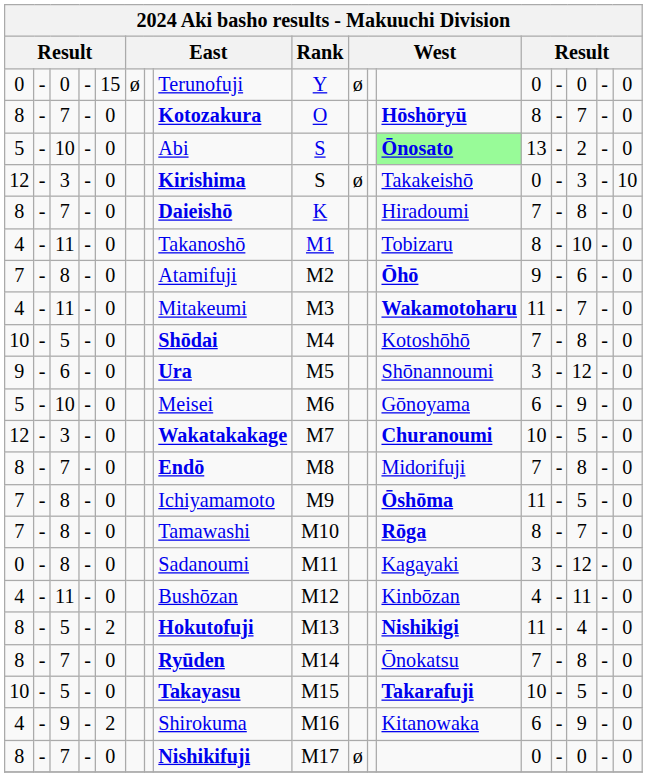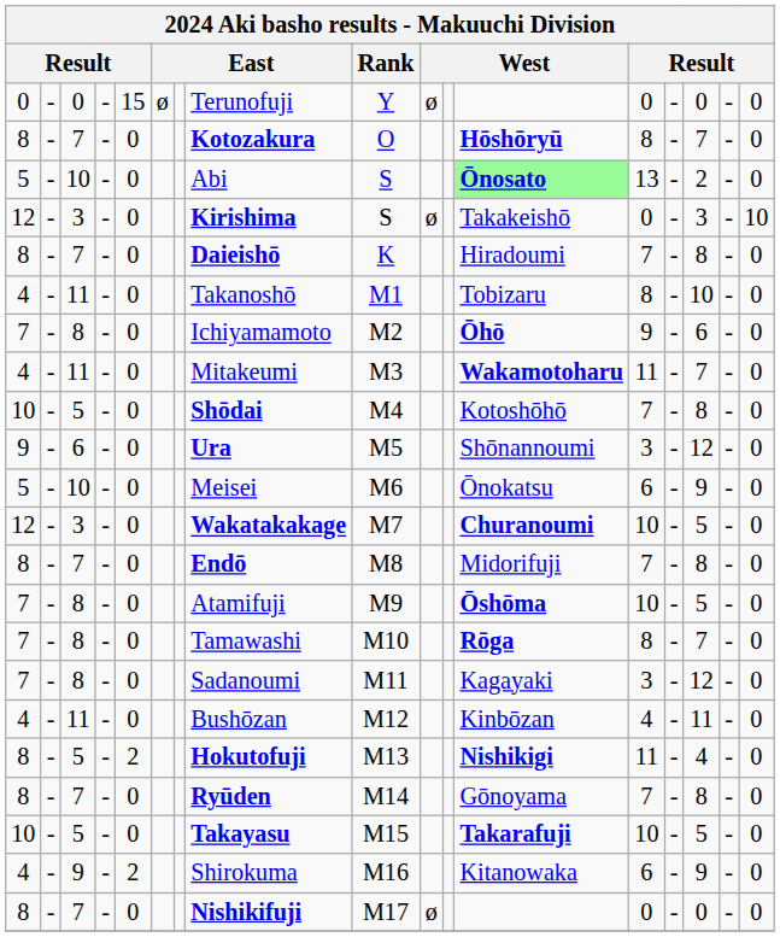 <table class="wikitable" style="text-align:center">
 <tr>
 <th colspan="17">2024 Aki basho results - Makuuchi Division</th>
 </tr>
 <tr>
 <th colspan="5">Result</th>
 <th colspan="3">East</th>
 <th>Rank</th>
 <th colspan="3">West</th>
 <th colspan="5">Result</th>
 </tr>
 <tr>
 <td>0</td>
 <td>-</td>
 <td>0</td>
 <td>-</td>
 <td>15</td>
 <td>ø</td>
 <td></td>
 <td style="text-align:left;"><a href='#'>Terunofuji</a></td>
 <td><a href='#'>Y</a></td>
 <td>ø</td>
 <td></td>
 <td></td>
 <td>0</td>
 <td>-</td>
 <td>0</td>
 <td>-</td>
 <td>0</td>
 </tr>
 <tr>
 <td>8</td>
 <td>-</td>
 <td>7</td>
 <td>-</td>
 <td>0</td>
 <td></td>
 <td></td>
 <td style="text-align:left;"><strong><a href='#'>Kotozakura</a></strong></td>
 <td><a href='#'>O</a></td>
 <td></td>
 <td></td>
 <td style="text-align:left;"><strong><a href='#'>Hōshōryū</a></strong></td>
 <td>8</td>
 <td>-</td>
 <td>7</td>
 <td>-</td>
 <td>0</td>
 </tr>
 <tr>
 <td>5</td>
 <td>-</td>
 <td>10</td>
 <td>-</td>
 <td>0</td>
 <td></td>
 <td></td>
 <td style="text-align:left;"><a href='#'>Abi</a></td>
 <td><a href='#'>S</a></td>
 <td></td>
 <td></td>
 <td style="text-align:left;background: PaleGreen;"><strong><a href='#'>Ōnosato</a></strong></td>
 <td>13</td>
 <td>-</td>
 <td>2</td>
 <td>-</td>
 <td>0</td>
 </tr>
 <tr>
 <td>12</td>
 <td>-</td>
 <td>3</td>
 <td>-</td>
 <td>0</td>
 <td></td>
 <td></td>
 <td style="text-align:left;"><strong><a href='#'>Kirishima</a></strong></td>
 <td>S</td>
 <td>ø</td>
 <td></td>
 <td style="text-align:left;"><a href='#'>Takakeishō</a></td>
 <td>0</td>
 <td>-</td>
 <td>3</td>
 <td>-</td>
 <td>10</td>
 </tr>
 <tr>
 <td>8</td>
 <td>-</td>
 <td>7</td>
 <td>-</td>
 <td>0</td>
 <td></td>
 <td></td>
 <td style="text-align:left;"><strong><a href='#'>Daieishō</a></strong></td>
 <td><a href='#'>K</a></td>
 <td></td>
 <td></td>
 <td style="text-align:left;"><a href='#'>Hiradoumi</a></td>
 <td>7</td>
 <td>-</td>
 <td>8</td>
 <td>-</td>
 <td>0</td>
 </tr>
 <tr>
 <td>4</td>
 <td>-</td>
 <td>11</td>
 <td>-</td>
 <td>0</td>
 <td></td>
 <td></td>
 <td style="text-align:left;"><a href='#'>Takanoshō</a></td>
 <td><a href='#'>M1</a></td>
 <td></td>
 <td></td>
 <td style="text-align:left;"><a href='#'>Tobizaru</a></td>
 <td>8</td>
 <td>-</td>
 <td>10</td>
 <td>-</td>
 <td>0</td>
 </tr>
 <tr>
 <td>7</td>
 <td>-</td>
 <td>8</td>
 <td>-</td>
 <td>0</td>
 <td></td>
 <td></td>
-<td style="text-align:left;"><a href='#'>Atamifuji</a></td>
+<td style="text-align:left;"><a href='#'>Ichiyamamoto</a></td>
 <td>M2</td>
 <td></td>
 <td></td>
 <td style="text-align:left;"><strong><a href='#'>Ōhō</a></strong></td>
 <td>9</td>
 <td>-</td>
 <td>6</td>
 <td>-</td>
 <td>0</td>
 </tr>
 <tr>
 <td>4</td>
 <td>-</td>
 <td>11</td>
 <td>-</td>
 <td>0</td>
 <td></td>
 <td></td>
 <td style="text-align:left;"><a href='#'>Mitakeumi</a></td>
 <td>M3</td>
 <td></td>
 <td></td>
 <td style="text-align:left;"><strong><a href='#'>Wakamotoharu</a></strong></td>
 <td>11</td>
 <td>-</td>
 <td>7</td>
 <td>-</td>
 <td>0</td>
 </tr>
 <tr>
 <td>10</td>
 <td>-</td>
 <td>5</td>
 <td>-</td>
 <td>0</td>
 <td></td>
 <td></td>
 <td style="text-align:left;"><strong><a href='#'>Shōdai</a></strong></td>
 <td>M4</td>
 <td></td>
 <td></td>
 <td style="text-align:left;"><a href='#'>Kotoshōhō</a></td>
 <td>7</td>
 <td>-</td>
 <td>8</td>
 <td>-</td>
 <td>0</td>
 </tr>
 <tr>
 <td>9</td>
 <td>-</td>
 <td>6</td>
 <td>-</td>
 <td>0</td>
 <td></td>
 <td></td>
 <td style="text-align:left;"><strong><a href='#'>Ura</a></strong></td>
 <td>M5</td>
 <td></td>
 <td></td>
 <td style="text-align:left;"><a href='#'>Shōnannoumi</a></td>
 <td>3</td>
 <td>-</td>
 <td>12</td>
 <td>-</td>
 <td>0</td>
 </tr>
 <tr>
 <td>5</td>
 <td>-</td>
 <td>10</td>
 <td>-</td>
 <td>0</td>
 <td></td>
 <td></td>
 <td style="text-align:left;"><a href='#'>Meisei</a></td>
 <td>M6</td>
 <td></td>
 <td></td>
-<td style="text-align:left;"><a href='#'>Gōnoyama</a></td>
+<td style="text-align:left;"><a href='#'>Ōnokatsu</a></td>
 <td>6</td>
 <td>-</td>
 <td>9</td>
 <td>-</td>
 <td>0</td>
 </tr>
 <tr>
 <td>12</td>
 <td>-</td>
 <td>3</td>
 <td>-</td>
 <td>0</td>
 <td></td>
 <td></td>
 <td style="text-align:left;"><strong><a href='#'>Wakatakakage</a></strong></td>
 <td>M7</td>
 <td></td>
 <td></td>
 <td style="text-align:left;"><strong><a href='#'>Churanoumi</a></strong></td>
 <td>10</td>
 <td>-</td>
 <td>5</td>
 <td>-</td>
 <td>0</td>
 </tr>
 <tr>
 <td>8</td>
 <td>-</td>
 <td>7</td>
 <td>-</td>
 <td>0</td>
 <td></td>
 <td></td>
 <td style="text-align:left;"><strong><a href='#'>Endō</a></strong></td>
 <td>M8</td>
 <td></td>
 <td></td>
 <td style="text-align:left;"><a href='#'>Midorifuji</a></td>
 <td>7</td>
 <td>-</td>
 <td>8</td>
 <td>-</td>
 <td>0</td>
 </tr>
 <tr>
 <td>7</td>
 <td>-</td>
 <td>8</td>
 <td>-</td>
 <td>0</td>
 <td></td>
 <td></td>
-<td style="text-align:left;"><a href='#'>Ichiyamamoto</a></td>
+<td style="text-align:left;"><a href='#'>Atamifuji</a></td>
 <td>M9</td>
 <td></td>
 <td></td>
 <td style="text-align:left;"><strong><a href='#'>Ōshōma</a></strong></td>
-<td>11</td>
+<td>10</td>
 <td>-</td>
 <td>5</td>
 <td>-</td>
 <td>0</td>
 </tr>
 <tr>
 <td>7</td>
 <td>-</td>
 <td>8</td>
 <td>-</td>
 <td>0</td>
 <td></td>
 <td></td>
 <td style="text-align:left;"><a href='#'>Tamawashi</a></td>
 <td>M10</td>
 <td></td>
 <td></td>
 <td style="text-align:left;"><strong><a href='#'>Rōga</a></strong></td>
 <td>8</td>
 <td>-</td>
 <td>7</td>
 <td>-</td>
 <td>0</td>
 </tr>
 <tr>
-<td>0</td>
+<td>7</td>
 <td>-</td>
 <td>8</td>
 <td>-</td>
 <td>0</td>
 <td></td>
 <td></td>
 <td style="text-align:left;"><a href='#'>Sadanoumi</a></td>
 <td>M11</td>
 <td></td>
 <td></td>
 <td style="text-align:left;"><a href='#'>Kagayaki</a></td>
 <td>3</td>
 <td>-</td>
 <td>12</td>
 <td>-</td>
 <td>0</td>
 </tr>
 <tr>
 <td>4</td>
 <td>-</td>
 <td>11</td>
 <td>-</td>
 <td>0</td>
 <td></td>
 <td></td>
 <td style="text-align:left;"><a href='#'>Bushōzan</a></td>
 <td>M12</td>
 <td></td>
 <td></td>
 <td style="text-align:left;"><a href='#'>Kinbōzan</a></td>
 <td>4</td>
 <td>-</td>
 <td>11</td>
 <td>-</td>
 <td>0</td>
 </tr>
 <tr>
 <td>8</td>
 <td>-</td>
 <td>5</td>
 <td>-</td>
 <td>2</td>
 <td></td>
 <td></td>
 <td style="text-align:left;"><strong><a href='#'>Hokutofuji</a></strong></td>
 <td>M13</td>
 <td></td>
 <td></td>
 <td style="text-align:left;"><strong><a href='#'>Nishikigi</a></strong></td>
 <td>11</td>
 <td>-</td>
 <td>4</td>
 <td>-</td>
 <td>0</td>
 </tr>
 <tr>
 <td>8</td>
 <td>-</td>
 <td>7</td>
 <td>-</td>
 <td>0</td>
 <td></td>
 <td></td>
 <td style="text-align:left;"><strong><a href='#'>Ryūden</a></strong></td>
 <td>M14</td>
 <td></td>
 <td></td>
-<td style="text-align:left;"><a href='#'>Ōnokatsu</a></td>
+<td style="text-align:left;"><a href='#'>Gōnoyama</a></td>
 <td>7</td>
 <td>-</td>
 <td>8</td>
 <td>-</td>
 <td>0</td>
 </tr>
 <tr>
 <td>10</td>
 <td>-</td>
 <td>5</td>
 <td>-</td>
 <td>0</td>
 <td></td>
 <td></td>
 <td style="text-align:left;"><strong><a href='#'>Takayasu</a></strong></td>
 <td>M15</td>
 <td></td>
 <td></td>
 <td style="text-align:left;"><strong><a href='#'>Takarafuji</a></strong></td>
 <td>10</td>
 <td>-</td>
 <td>5</td>
 <td>-</td>
 <td>0</td>
 </tr>
 <tr>
 <td>4</td>
 <td>-</td>
 <td>9</td>
 <td>-</td>
 <td>2</td>
 <td></td>
 <td></td>
 <td style="text-align:left;"><a href='#'>Shirokuma</a></td>
 <td>M16</td>
 <td></td>
 <td></td>
 <td style="text-align:left;"><a href='#'>Kitanowaka</a></td>
 <td>6</td>
 <td>-</td>
 <td>9</td>
 <td>-</td>
 <td>0</td>
 </tr>
 <tr>
 <td>8</td>
 <td>-</td>
 <td>7</td>
 <td>-</td>
 <td>0</td>
 <td></td>
 <td></td>
 <td style="text-align:left;"><strong><a href='#'>Nishikifuji</a></strong></td>
 <td>M17</td>
 <td>ø</td>
 <td></td>
 <td></td>
 <td>0</td>
 <td>-</td>
 <td>0</td>
 <td>-</td>
 <td>0</td>
 </tr>
 <tr>
 </tr>
 </table>
